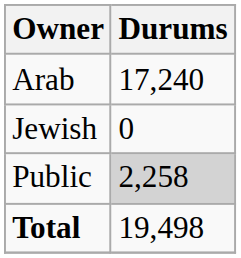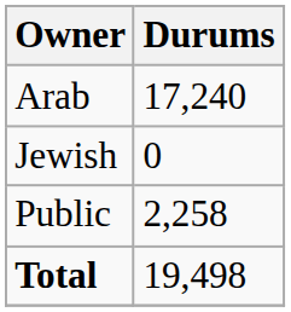 <table class="wikitable">
 <tr>
 <th>Owner</th>
 <th>Durums</th>
 </tr>
 <tr>
 <td>Arab</td>
 <td>17,240</td>
 </tr>
 <tr>
 <td>Jewish</td>
 <td>0</td>
 </tr>
 <tr>
 <td>Public</td>
-<td style="background: lightgrey;">2,258</td>
+<td>2,258</td>
 </tr>
 <tr>
 <td><strong>Total</strong></td>
 <td>19,498</td>
 </tr>
 <tr>
 </tr>
 </table>
